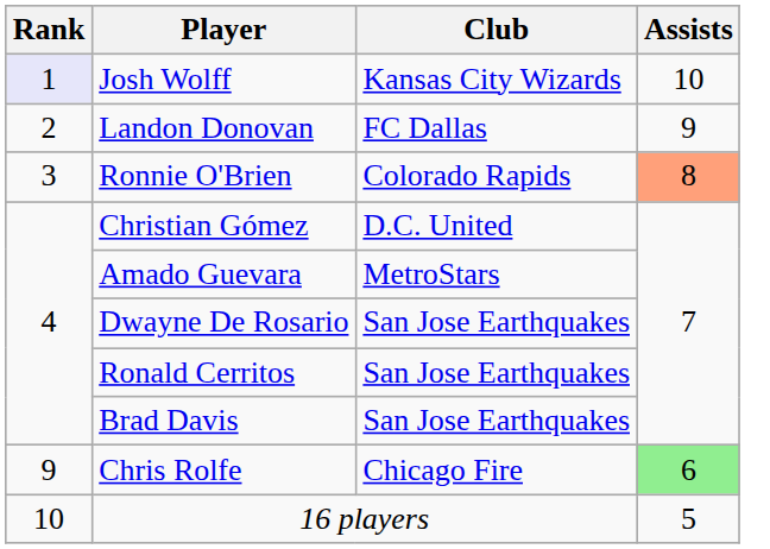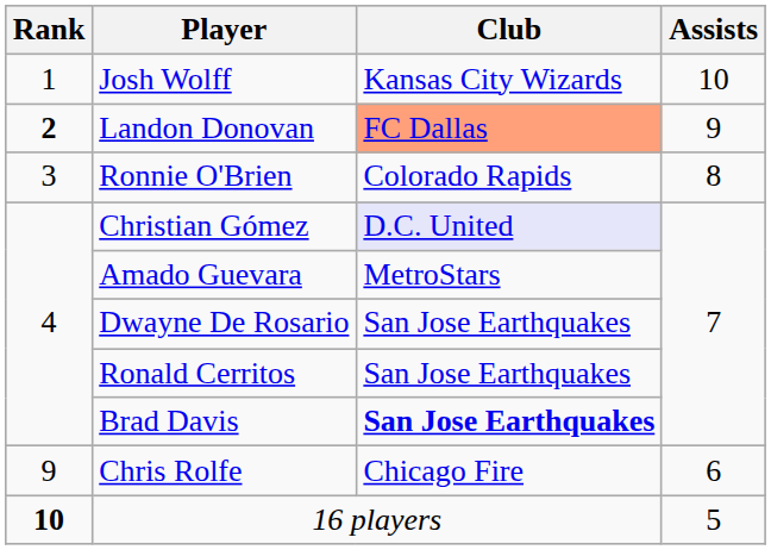 <table class="wikitable" style="text-align:center">
 <tr>
 <th>Rank</th>
 <th>Player</th>
 <th>Club</th>
 <th>Assists</th>
 </tr>
 <tr>
-<td style="background: lavender;">1</td>
+<td>1</td>
 <td align="left"> <a href='#'>Josh Wolff</a></td>
 <td align="left"><a href='#'>Kansas City Wizards</a></td>
 <td>10</td>
 </tr>
 <tr>
-<td>2</td>
+<td><strong>2</strong></td>
 <td align="left"> <a href='#'>Landon Donovan</a></td>
-<td align="left"><a href='#'>FC Dallas</a></td>
+<td align="left" style="background: lightsalmon;"><a href='#'>FC Dallas</a></td>
 <td>9</td>
 </tr>
 <tr>
 <td>3</td>
 <td align="left"> <a href='#'>Ronnie O'Brien</a></td>
 <td align="left"><a href='#'>Colorado Rapids</a></td>
-<td style="background: lightsalmon;">8</td>
+<td>8</td>
 </tr>
 <tr>
 <td rowspan="5">4</td>
 <td align="left"> <a href='#'>Christian Gómez</a></td>
-<td align="left"><a href='#'>D.C. United</a></td>
+<td align="left" style="background: lavender;"><a href='#'>D.C. United</a></td>
 <td rowspan="5">7</td>
 </tr>
 <tr>
 <td align="left"> <a href='#'>Amado Guevara</a></td>
 <td align="left"><a href='#'>MetroStars</a></td>
 </tr>
 <tr>
 <td align="left"> <a href='#'>Dwayne De Rosario</a></td>
 <td align="left"><a href='#'>San Jose Earthquakes</a></td>
 </tr>
 <tr>
 <td align="left"> <a href='#'>Ronald Cerritos</a></td>
 <td align="left"><a href='#'>San Jose Earthquakes</a></td>
 </tr>
 <tr>
 <td align="left"> <a href='#'>Brad Davis</a></td>
-<td align="left"><a href='#'>San Jose Earthquakes</a></td>
+<td align="left"><strong><a href='#'>San Jose Earthquakes</a></strong></td>
 </tr>
 <tr>
 <td>9</td>
 <td align="left"> <a href='#'>Chris Rolfe</a></td>
 <td align="left"><a href='#'>Chicago Fire</a></td>
-<td style="background: lightgreen;">6</td>
+<td>6</td>
 </tr>
 <tr>
-<td>10</td>
+<td><strong>10</strong></td>
 <td colspan=2 align="center"><em>16 players</em></td>
 <td>5</td>
 </tr>
 </table>
